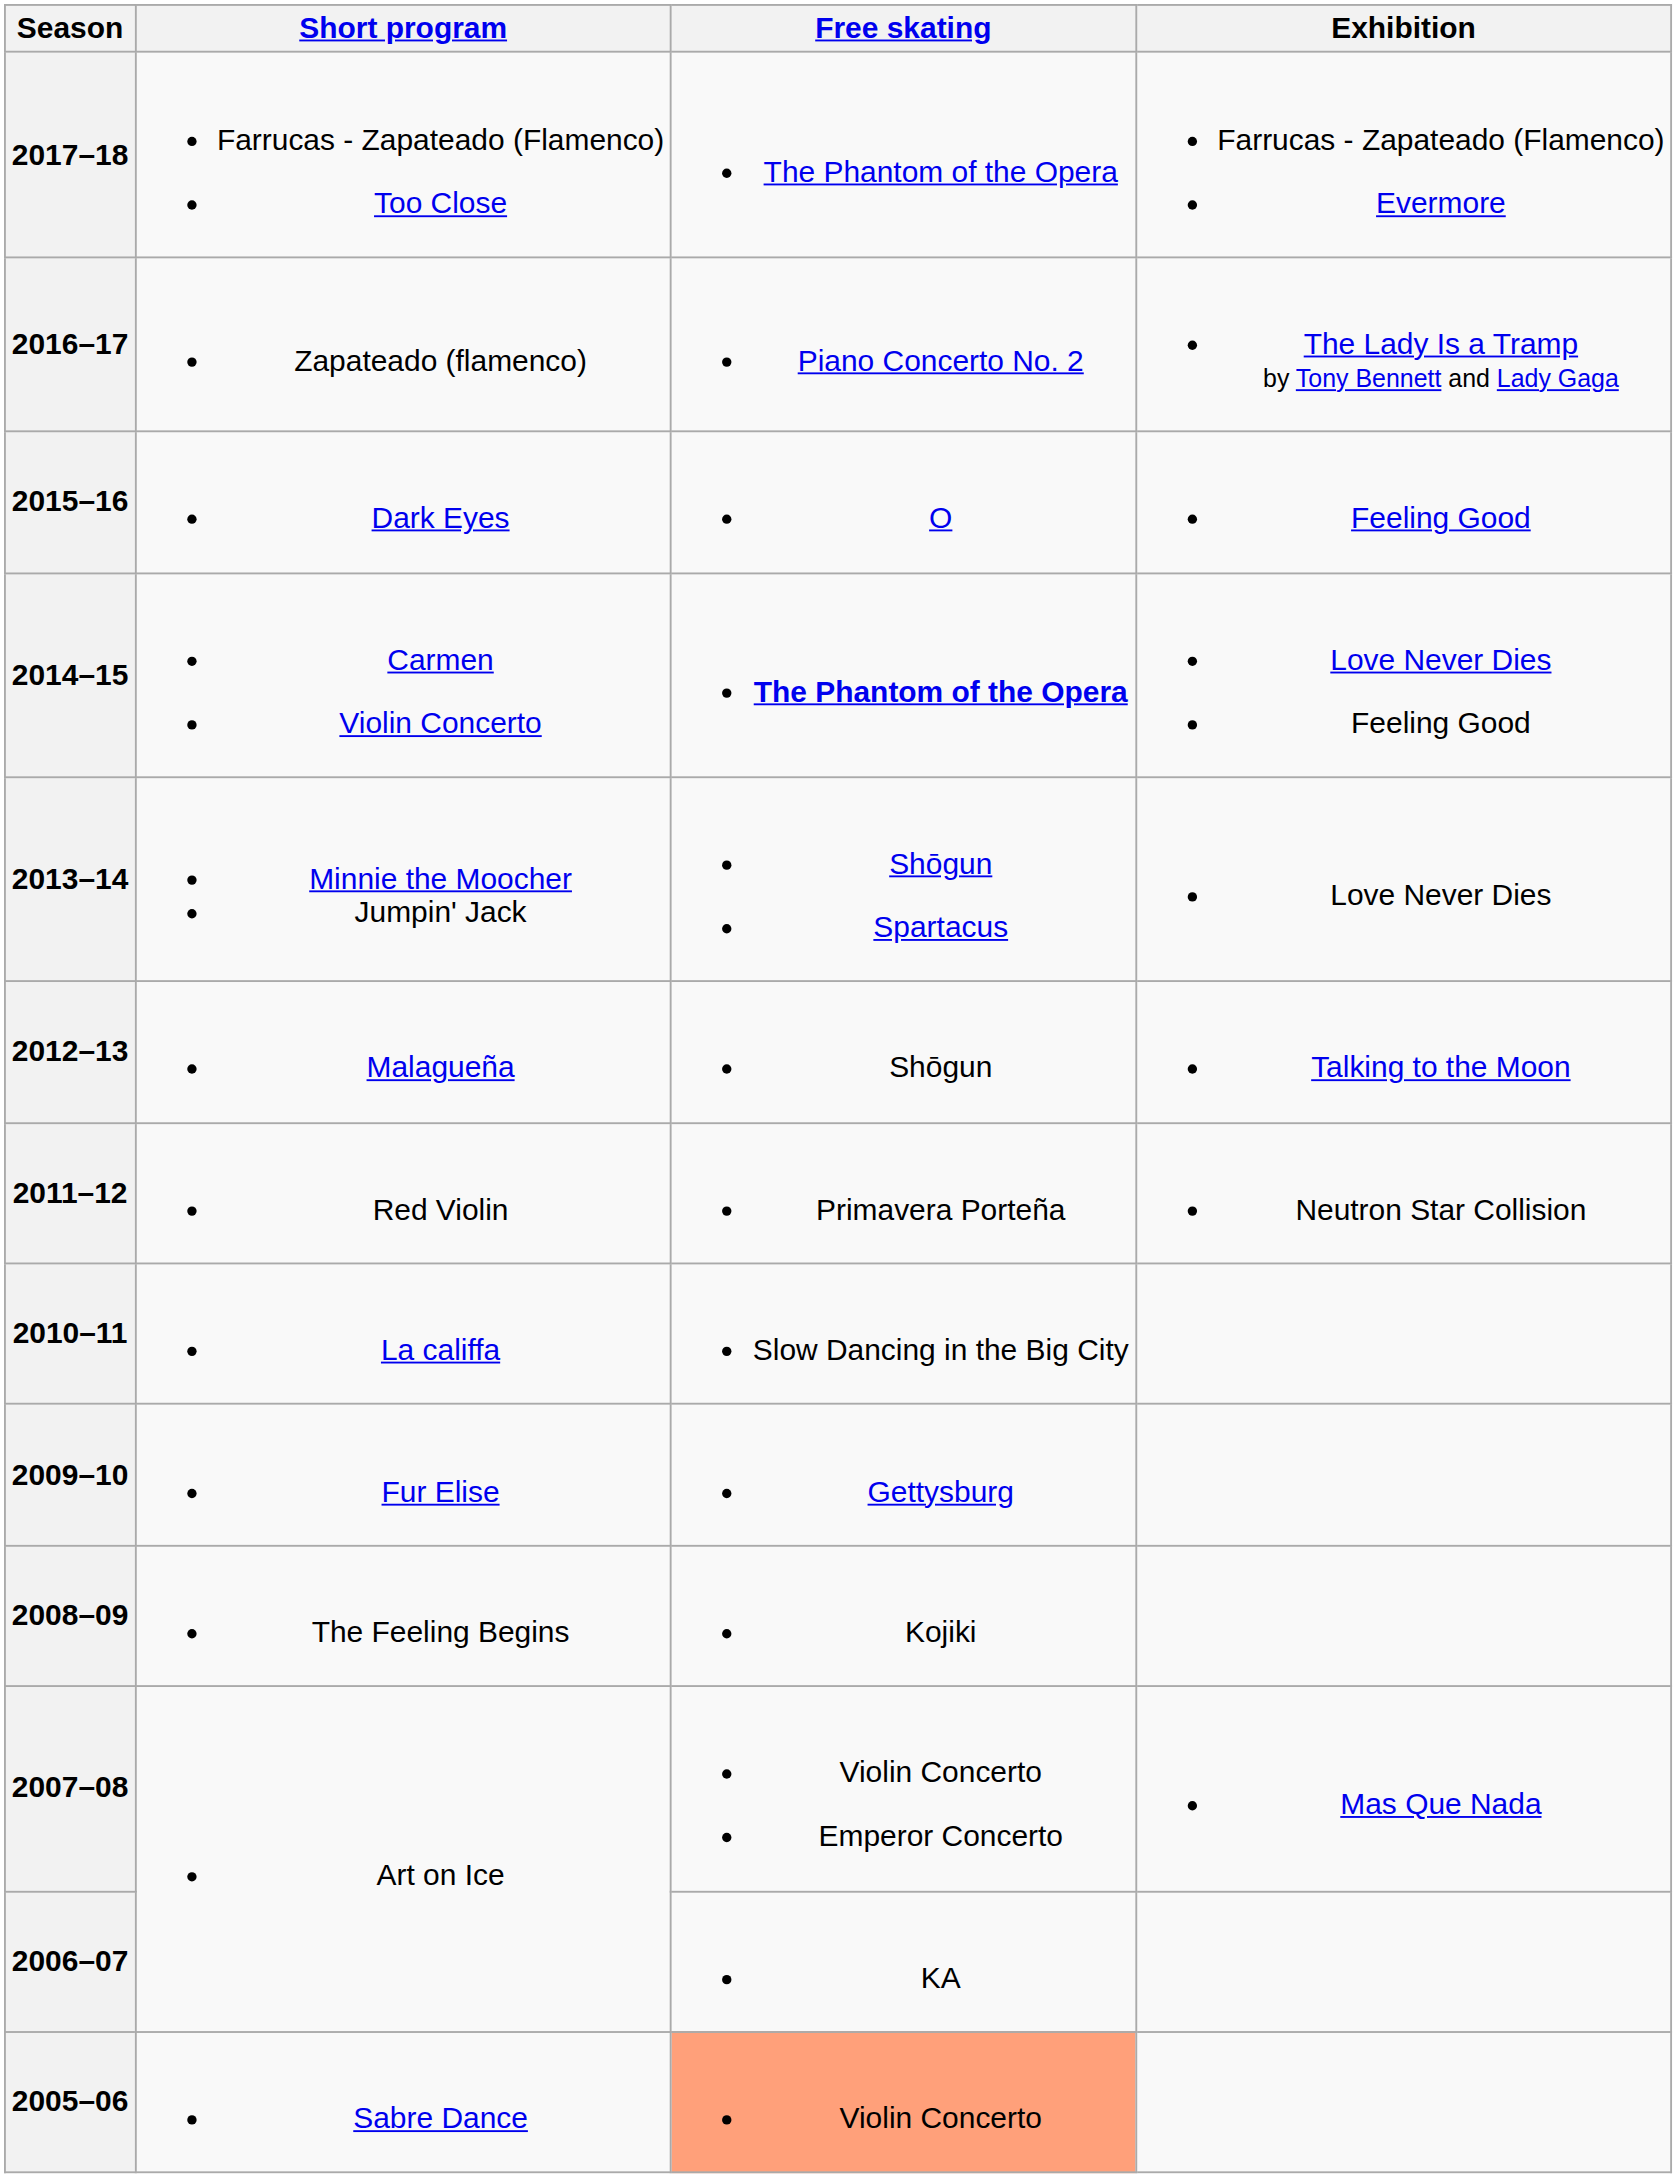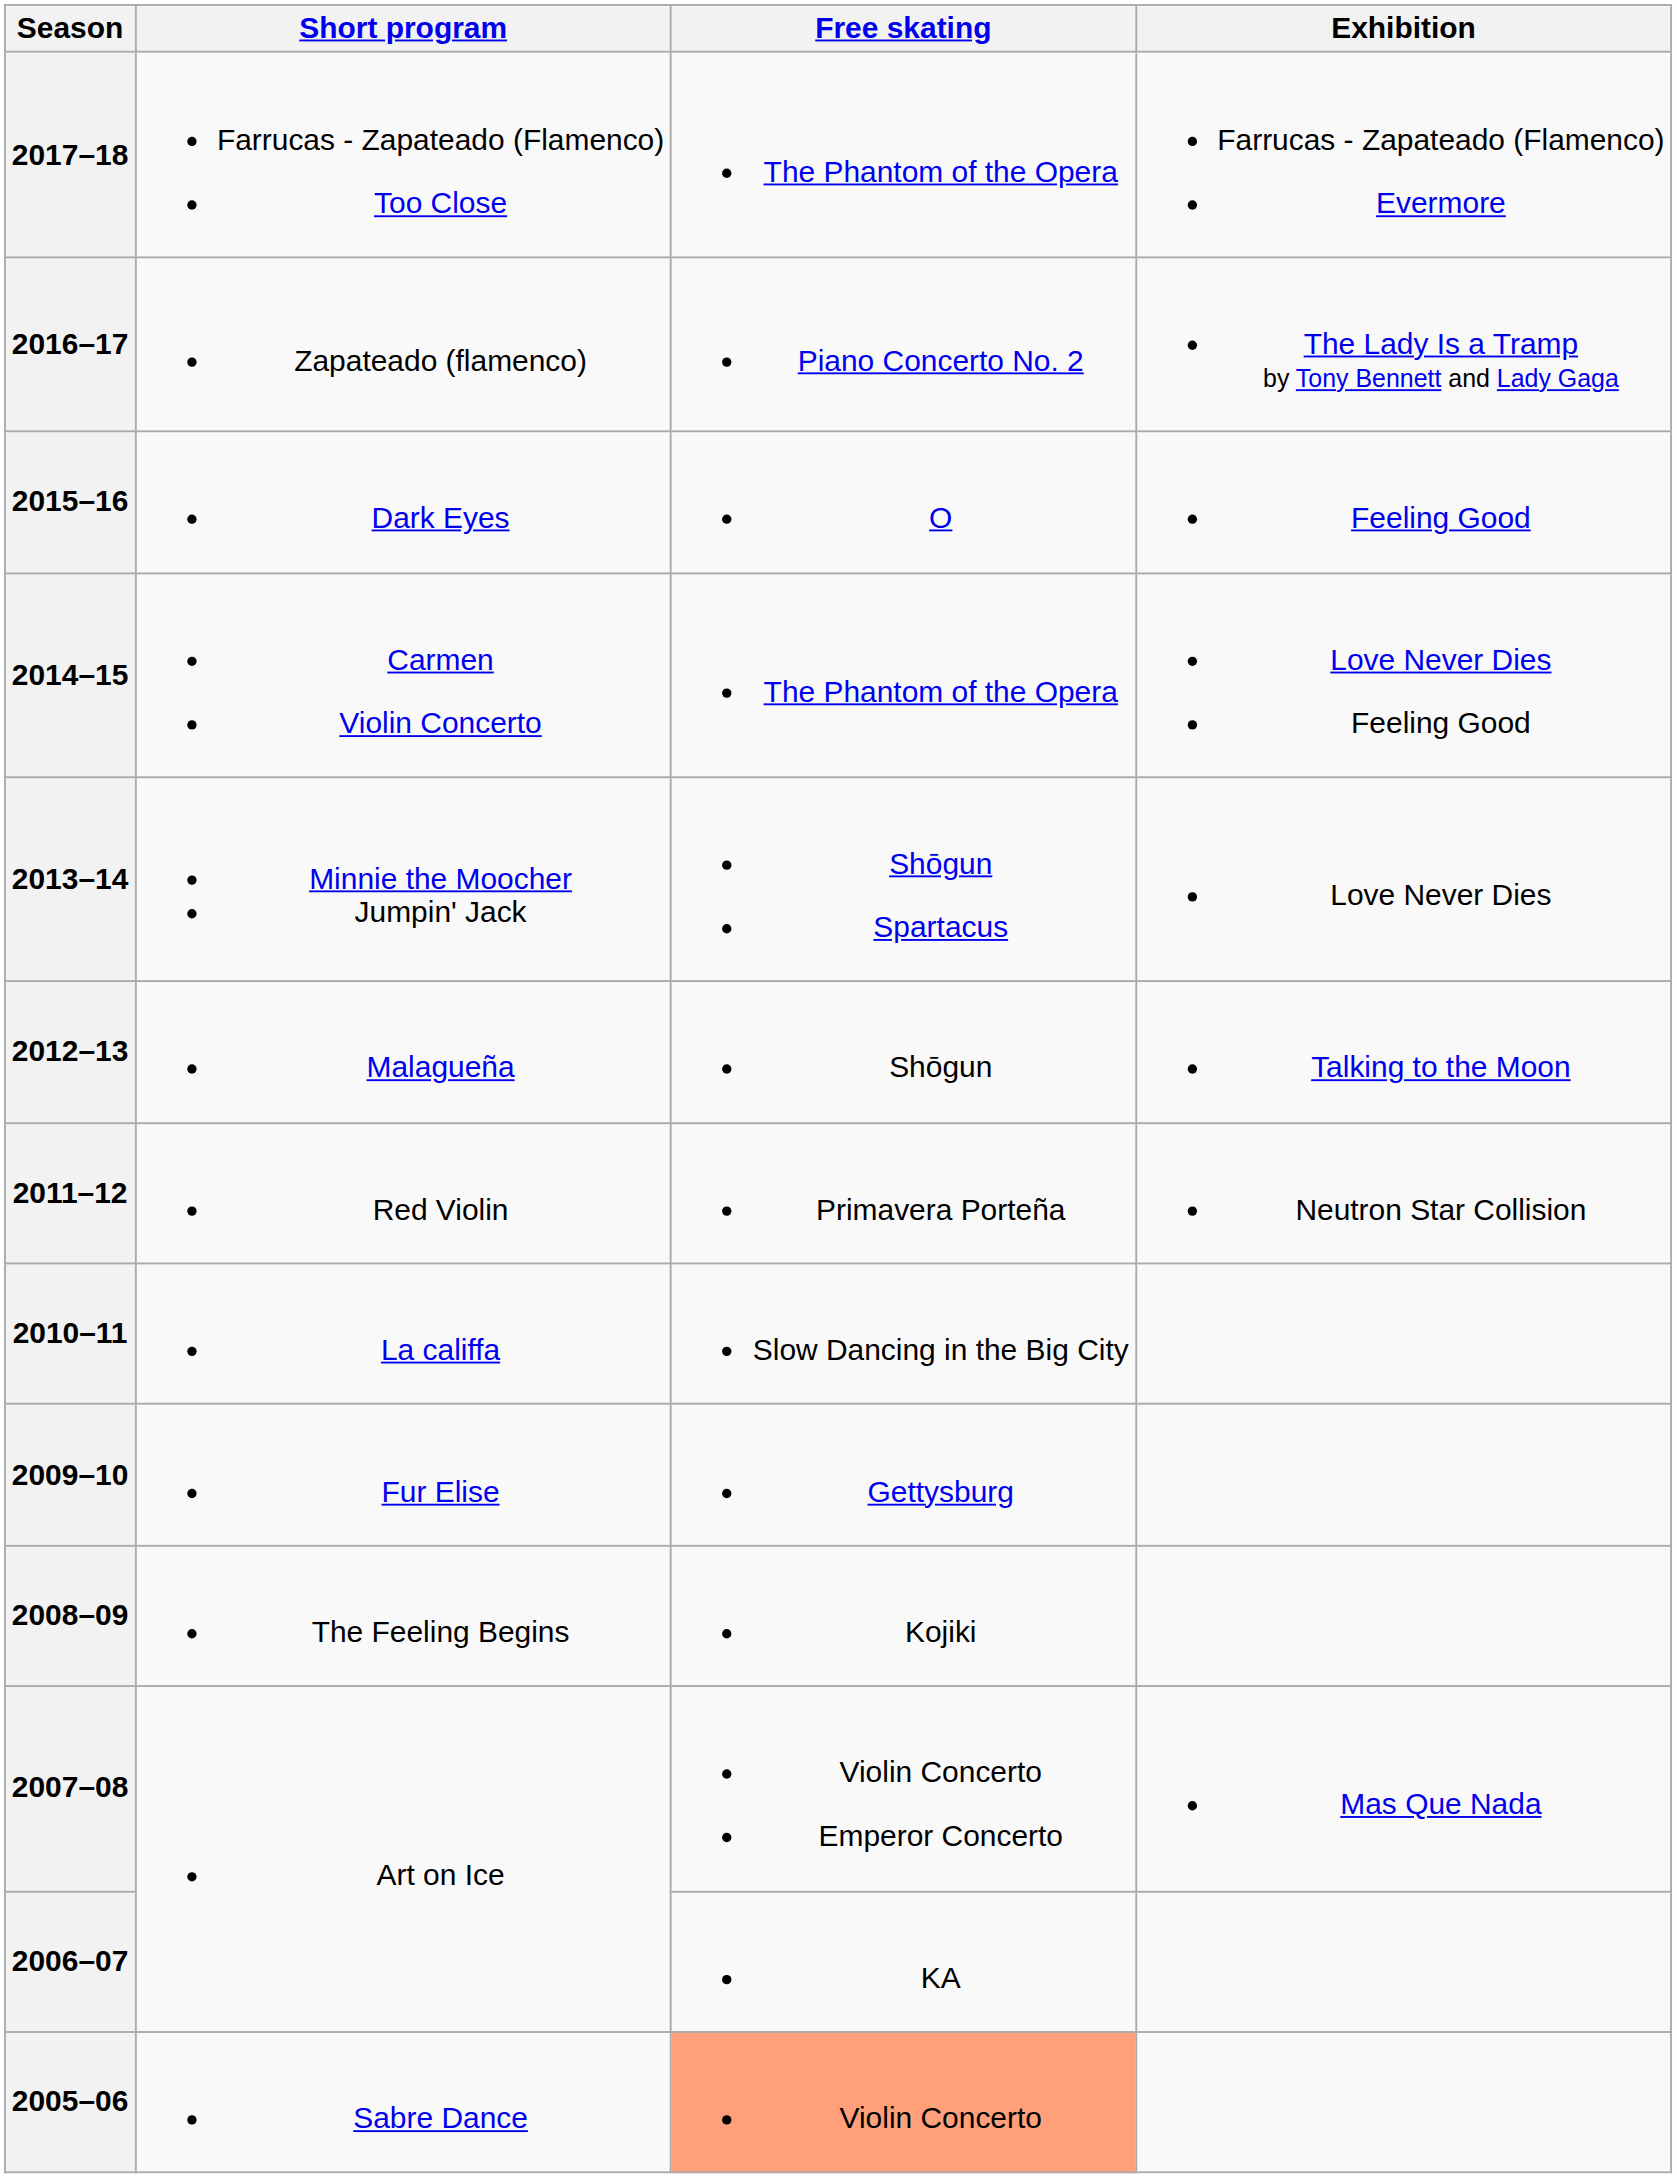 <table class="wikitable" style="text-align:center">
 <tr>
 <th>Season</th>
 <th><a href='#'>Short program</a></th>
 <th><a href='#'>Free skating</a></th>
 <th>Exhibition</th>
 </tr>
 <tr>
 <th>2017–18 <br></th>
 <td><br><ul><li>Farrucas - Zapateado (Flamenco)</li></ul><ul><li><a href='#'>Too Close</a> <br></li></ul></td>
 <td><br><ul><li><a href='#'>The Phantom of the Opera</a> <br></li></ul></td>
 <td><br><ul><li>Farrucas - Zapateado (Flamenco)</li></ul><ul><li><a href='#'>Evermore</a> <br></li></ul></td>
 </tr>
 <tr>
 <th>2016–17 <br></th>
 <td><br><ul><li>Zapateado (flamenco)</li></ul></td>
 <td><br><ul><li><a href='#'>Piano Concerto No. 2</a> <br></li></ul></td>
 <td><br><ul><li><a href='#'>The Lady Is a Tramp</a><br><small>by <a href='#'>Tony Bennett</a> and <a href='#'>Lady Gaga</a></small></li></ul></td>
 </tr>
 <tr>
 <th>2015–16 <br></th>
 <td><br><ul><li><a href='#'>Dark Eyes</a> <br></li></ul></td>
 <td><br><ul><li><a href='#'>O</a> <br></li></ul></td>
 <td><br><ul><li><a href='#'>Feeling Good</a> <br></li></ul></td>
 </tr>
 <tr>
 <th>2014–15 <br></th>
 <td><br><ul><li><a href='#'>Carmen</a> <br></li></ul><ul><li><a href='#'>Violin Concerto</a> <br></li></ul></td>
-<td><strong><br><ul><li><a href='#'>The Phantom of the Opera</a> <br></li></ul></strong></td>
+<td><br><ul><li><a href='#'>The Phantom of the Opera</a> <br></li></ul></td>
 <td><br><ul><li><a href='#'>Love Never Dies</a> <br></li></ul><ul><li>Feeling Good <br></li></ul></td>
 </tr>
 <tr>
 <th>2013–14 <br></th>
 <td><br><ul><li><a href='#'>Minnie the Moocher</a> <br></li><li>Jumpin' Jack <br></li></ul></td>
 <td><br><ul><li><a href='#'>Shōgun</a> <br></li></ul><ul><li><a href='#'>Spartacus</a> <br></li></ul></td>
 <td><br><ul><li>Love Never Dies <br></li></ul></td>
 </tr>
 <tr>
 <th>2012–13 <br></th>
 <td><br><ul><li><a href='#'>Malagueña</a> <br></li></ul></td>
 <td><br><ul><li>Shōgun <br></li></ul></td>
 <td><br><ul><li><a href='#'>Talking to the Moon</a> <br> </li></ul></td>
 </tr>
 <tr>
 <th>2011–12 <br></th>
 <td><br><ul><li>Red Violin <br></li></ul></td>
 <td><br><ul><li>Primavera Porteña <br></li></ul></td>
 <td><br><ul><li>Neutron Star Collision <br></li></ul></td>
 </tr>
 <tr>
 <th>2010–11 <br></th>
 <td><br><ul><li><a href='#'>La califfa</a> <br></li></ul></td>
 <td><br><ul><li>Slow Dancing in the Big City</li></ul></td>
 <td></td>
 </tr>
 <tr>
 <th>2009–10 <br></th>
 <td><br><ul><li><a href='#'>Fur Elise</a> <br></li></ul></td>
 <td><br><ul><li><a href='#'>Gettysburg</a> <br></li></ul></td>
 <td></td>
 </tr>
 <tr>
 <th>2008–09 <br></th>
 <td><br><ul><li>The Feeling Begins <br></li></ul></td>
 <td><br><ul><li>Kojiki <br></li></ul></td>
 <td></td>
 </tr>
 <tr>
 <th>2007–08 <br></th>
 <td rowspan=2><br><ul><li>Art on Ice <br></li></ul></td>
 <td><br><ul><li>Violin Concerto <br></li></ul><ul><li>Emperor Concerto <br></li></ul></td>
 <td><br><ul><li><a href='#'>Mas Que Nada</a> <br></li></ul></td>
 </tr>
 <tr>
 <th>2006–07 <br></th>
 <td><br><ul><li>KA <br></li></ul></td>
 <td></td>
 </tr>
 <tr>
 <th>2005–06 <br></th>
 <td><br><ul><li><a href='#'>Sabre Dance</a> <br> </li></ul></td>
 <td style="background: lightsalmon;"><br><ul><li>Violin Concerto</li></ul></td>
 <td></td>
 </tr>
 </table>
